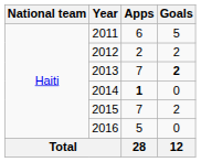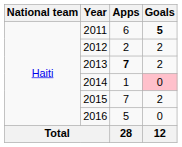 <table class="wikitable" style="text-align:center">
 <tr>
 <th>National team</th>
 <th>Year</th>
 <th>Apps</th>
 <th>Goals</th>
 </tr>
 <tr>
 <td rowspan="6"><a href='#'>Haiti</a></td>
 <td>2011</td>
 <td>6</td>
-<td>5</td>
+<td><strong>5</strong></td>
 </tr>
 <tr>
 <td>2012</td>
 <td>2</td>
 <td>2</td>
 </tr>
 <tr>
 <td>2013</td>
-<td>7</td>
-<td><strong>2</strong></td>
+<td><strong>7</strong></td>
+<td>2</td>
 </tr>
 <tr>
 <td>2014</td>
-<td><strong>1</strong></td>
-<td>0</td>
+<td>1</td>
+<td style="background: pink;">0</td>
 </tr>
 <tr>
 <td>2015</td>
 <td>7</td>
 <td>2</td>
 </tr>
 <tr>
 <td>2016</td>
 <td>5</td>
 <td>0</td>
 </tr>
 <tr>
 <th colspan="2">Total</th>
 <th>28</th>
 <th>12</th>
 </tr>
 </table>
